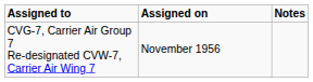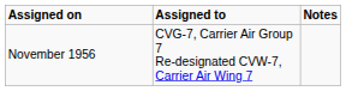 <table class="wikitable" style="width: 70%;">
 <tr>
+<td style="width: 200px;"><strong>Assigned on</strong></td>
 <td style="width: 200px;"><strong>Assigned to</strong></td>
-<td style="width: 200px;"><strong>Assigned on</strong></td>
 <td><strong>Notes</strong></td>
 </tr>
 <tr>
+<td>November 1956</td>
 <td>CVG-7, Carrier Air Group 7<br>Re-designated CVW-7, <a href='#'>Carrier Air Wing 7</a></td>
-<td>November 1956</td>
 <td></td>
 </tr>
 </table>
